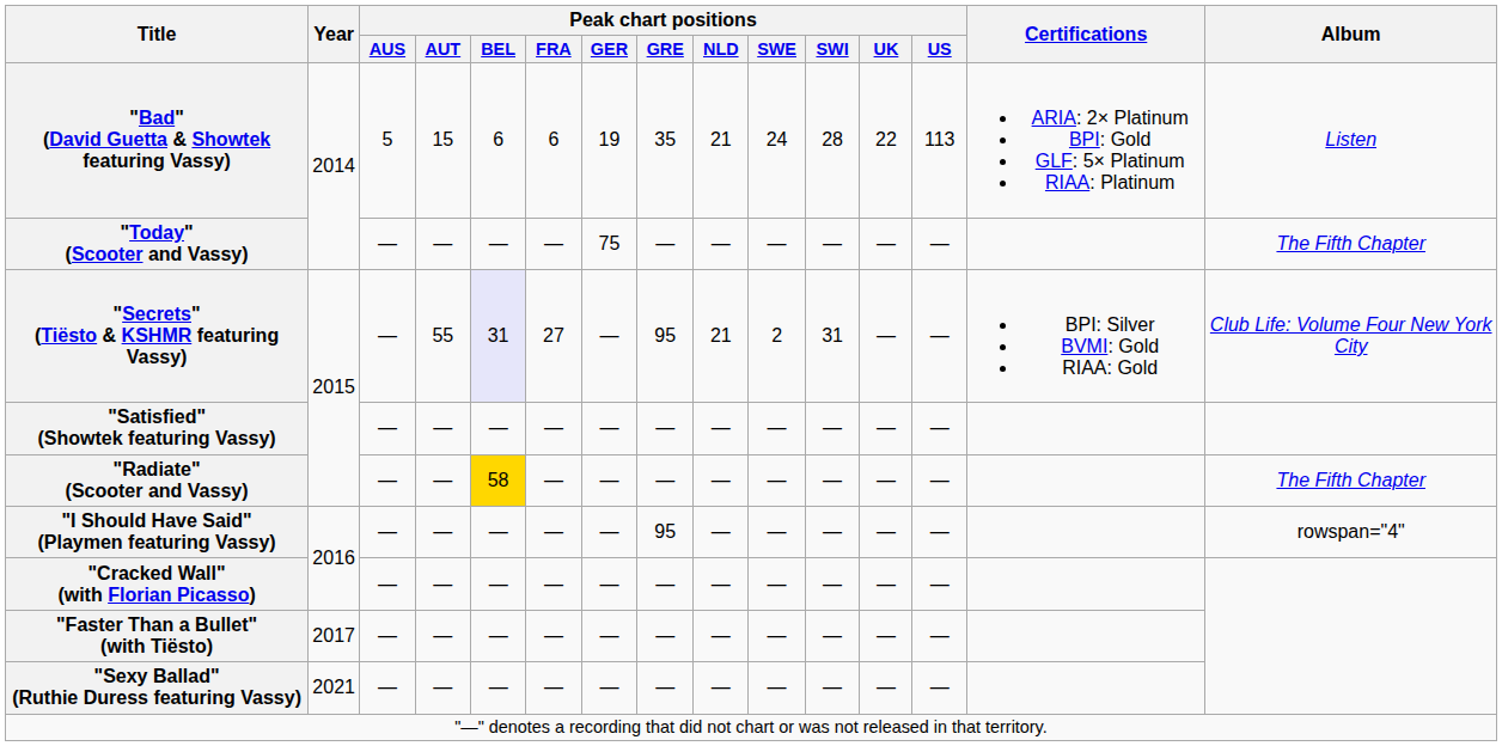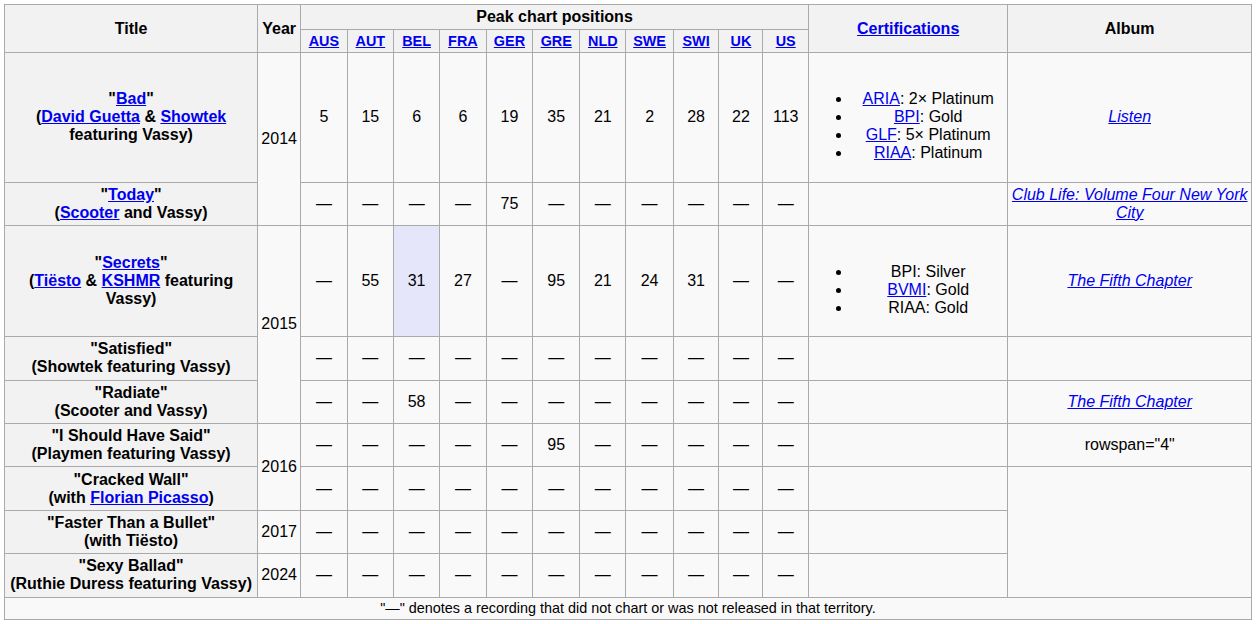 <table class="wikitable plainrowheaders" style="text-align:center;" border="1">
 <tr>
 <th scope="col" rowspan="2" style="width:19em;">Title</th>
 <th scope="col" rowspan="2">Year</th>
 <th scope="col" colspan="11">Peak chart positions</th>
 <th scope="col" rowspan="2" style="width:14em;"><a href='#'>Certifications</a></th>
 <th scope="col" rowspan="2" style="width:18em;">Album</th>
 </tr>
 <tr>
 <th scope="col" style="width:3em;font-size:90%;"><a href='#'>AUS</a><br></th>
 <th scope="col" style="width:3em;font-size:90%;"><a href='#'>AUT</a><br></th>
 <th scope="col" style="width:3em;font-size:90%;"><a href='#'>BEL</a><br></th>
 <th scope="col" style="width:3em;font-size:90%;"><a href='#'>FRA</a><br></th>
 <th scope="col" style="width:3em;font-size:90%;"><a href='#'>GER</a><br></th>
 <th scope="col" style="width:3em;font-size:90%;"><a href='#'>GRE</a></th>
 <th scope="col" style="width:3em;font-size:90%;"><a href='#'>NLD</a><br></th>
 <th scope="col" style="width:3em;font-size:90%;"><a href='#'>SWE</a><br></th>
 <th scope="col" style="width:3em;font-size:90%;"><a href='#'>SWI</a><br></th>
 <th scope="col" style="width:3em;font-size:90%;"><a href='#'>UK</a><br></th>
 <th scope="col" style="width:3em;font-size:90%;"><a href='#'>US</a><br></th>
 </tr>
 <tr>
 <th scope="row">"<a href='#'>Bad</a>"<br><span>(<a href='#'>David Guetta</a> & <a href='#'>Showtek</a> featuring Vassy)</span></th>
 <td rowspan="2">2014</td>
 <td>5</td>
 <td>15</td>
 <td>6</td>
 <td>6</td>
 <td>19</td>
 <td>35</td>
 <td>21</td>
-<td>24</td>
+<td>2</td>
 <td>28</td>
 <td>22</td>
 <td>113</td>
 <td><br><ul><li><a href='#'>ARIA</a>: 2× Platinum</li><li><a href='#'>BPI</a>: Gold</li><li><a href='#'>GLF</a>: 5× Platinum</li><li><a href='#'>RIAA</a>: Platinum</li></ul></td>
 <td><em><a href='#'>Listen</a></em></td>
 </tr>
 <tr>
 <th scope="row">"<a href='#'>Today</a>"<br><span>(<a href='#'>Scooter</a> and Vassy)</span></th>
 <td>—</td>
 <td>—</td>
 <td>—</td>
 <td>—</td>
 <td>75</td>
 <td>—</td>
 <td>—</td>
 <td>—</td>
 <td>—</td>
 <td>—</td>
 <td>—</td>
 <td></td>
-<td><em><a href='#'>The Fifth Chapter</a></em></td>
+<td><em><a href='#'>Club Life: Volume Four New York City</a></em></td>
 </tr>
 <tr>
 <th scope="row">"<a href='#'>Secrets</a>"<br><span>(<a href='#'>Tiësto</a> & <a href='#'>KSHMR</a> featuring Vassy)</span></th>
 <td rowspan="3">2015</td>
 <td>—</td>
 <td>55</td>
 <td style="background: lavender;">31</td>
 <td>27</td>
 <td>—</td>
 <td>95</td>
 <td>21</td>
-<td>2</td>
+<td>24</td>
 <td>31</td>
 <td>—</td>
 <td>—</td>
 <td><br><ul><li>BPI: Silver</li><li><a href='#'>BVMI</a>: Gold</li><li>RIAA: Gold</li></ul></td>
-<td><em><a href='#'>Club Life: Volume Four New York City</a></em></td>
+<td><em><a href='#'>The Fifth Chapter</a></em></td>
 </tr>
 <tr>
 <th scope="row">"Satisfied"<br><span>(Showtek featuring Vassy)</span></th>
 <td>—</td>
 <td>—</td>
 <td>—</td>
 <td>—</td>
 <td>—</td>
 <td>—</td>
 <td>—</td>
 <td>—</td>
 <td>—</td>
 <td>—</td>
 <td>—</td>
 <td></td>
 <td></td>
 </tr>
 <tr>
 <th scope="row">"Radiate"<br><span>(Scooter and Vassy)</span></th>
 <td>—</td>
 <td>—</td>
-<td style="background: gold;">58</td>
+<td>58</td>
 <td>—</td>
 <td>—</td>
 <td>—</td>
 <td>—</td>
 <td>—</td>
 <td>—</td>
 <td>—</td>
 <td>—</td>
 <td></td>
 <td><em><a href='#'>The Fifth Chapter</a></em></td>
 </tr>
 <tr>
 <th scope="row">"I Should Have Said"<br><span>(Playmen featuring Vassy)</span></th>
 <td rowspan="2">2016</td>
 <td>—</td>
 <td>—</td>
 <td>—</td>
 <td>—</td>
 <td>—</td>
 <td>95</td>
 <td>—</td>
 <td>—</td>
 <td>—</td>
 <td>—</td>
 <td>—</td>
 <td></td>
 <td>rowspan="4" </td>
 </tr>
 <tr>
 <th scope="row">"Cracked Wall"<br><span>(with <a href='#'>Florian Picasso</a>)</span></th>
 <td>—</td>
 <td>—</td>
 <td>—</td>
 <td>—</td>
 <td>—</td>
 <td>—</td>
 <td>—</td>
 <td>—</td>
 <td>—</td>
 <td>—</td>
 <td>—</td>
 <td></td>
 </tr>
 <tr>
 <th scope="row">"Faster Than a Bullet"<br><span>(with Tiësto)</span></th>
 <td>2017</td>
 <td>—</td>
 <td>—</td>
 <td>—</td>
 <td>—</td>
 <td>—</td>
 <td>—</td>
 <td>—</td>
 <td>—</td>
 <td>—</td>
 <td>—</td>
 <td>—</td>
 <td></td>
 </tr>
 <tr>
 <th scope="row">"Sexy Ballad"<br><span>(Ruthie Duress featuring Vassy)</span></th>
-<td>2021</td>
+<td>2024</td>
 <td>—</td>
 <td>—</td>
 <td>—</td>
 <td>—</td>
 <td>—</td>
 <td>—</td>
 <td>—</td>
 <td>—</td>
 <td>—</td>
 <td>—</td>
 <td>—</td>
 <td></td>
 </tr>
 <tr>
 <td colspan="15" style="font-size:90%">"—" denotes a recording that did not chart or was not released in that territory.</td>
 </tr>
 </table>
